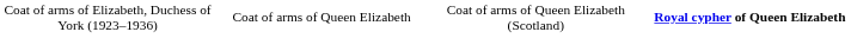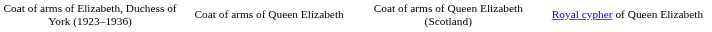 <table border="0" align="center" width="80%">
 <tr>
 <th width=25%></th>
 <th width=25%></th>
 <th width=25%></th>
 <th width=25%></th>
 </tr>
 <tr>
 <td style="text-align: center;">Coat of arms of Elizabeth, Duchess of York (1923–1936)</td>
 <td style="text-align: center;">Coat of arms of Queen Elizabeth</td>
 <td style="text-align: center;">Coat of arms of Queen Elizabeth (Scotland)</td>
-<td style="text-align: center;"><strong><a href='#'>Royal cypher</a> of Queen Elizabeth</strong></td>
+<td style="text-align: center;"><a href='#'>Royal cypher</a> of Queen Elizabeth</td>
 </tr>
 </table>
